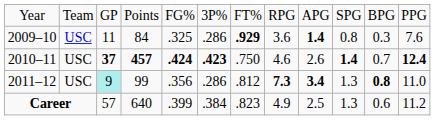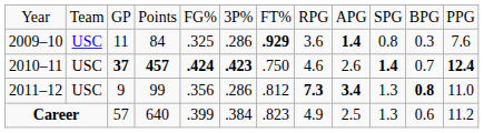 <table class="wikitable" style="text-align:center">
 <tr>
 <td>Year</td>
 <td>Team</td>
 <td>GP</td>
 <td>Points</td>
 <td>FG%</td>
 <td>3P%</td>
 <td>FT%</td>
 <td>RPG</td>
 <td>APG</td>
 <td>SPG</td>
 <td>BPG</td>
 <td>PPG</td>
 </tr>
 <tr>
 <td>2009–10</td>
 <td><a href='#'>USC</a></td>
 <td>11</td>
 <td>84</td>
 <td>.325</td>
 <td>.286</td>
 <td><strong>.929</strong></td>
 <td>3.6</td>
 <td><strong>1.4</strong></td>
 <td>0.8</td>
 <td>0.3</td>
 <td>7.6</td>
 </tr>
 <tr>
 <td>2010–11</td>
 <td>USC</td>
 <td><strong>37</strong></td>
 <td><strong>457</strong></td>
 <td><strong>.424</strong></td>
 <td><strong>.423</strong></td>
 <td>.750</td>
 <td>4.6</td>
 <td>2.6</td>
 <td><strong>1.4</strong></td>
 <td>0.7</td>
 <td><strong>12.4</strong></td>
 </tr>
 <tr>
 <td>2011–12</td>
 <td>USC</td>
-<td style="background: paleturquoise;">9</td>
+<td>9</td>
 <td>99</td>
 <td>.356</td>
 <td>.286</td>
 <td>.812</td>
 <td><strong>7.3</strong></td>
 <td><strong>3.4</strong></td>
 <td>1.3</td>
 <td><strong>0.8</strong></td>
 <td>11.0</td>
 </tr>
 <tr class="sortbottom">
 <td colspan=2><strong>Career</strong></td>
 <td>57</td>
 <td>640</td>
 <td>.399</td>
 <td>.384</td>
 <td>.823</td>
 <td>4.9</td>
 <td>2.5</td>
 <td>1.3</td>
 <td>0.6</td>
 <td>11.2</td>
 </tr>
 </table>
